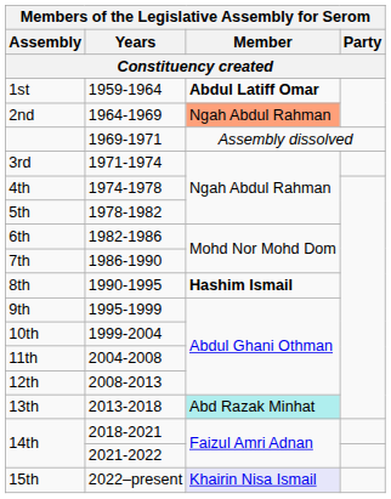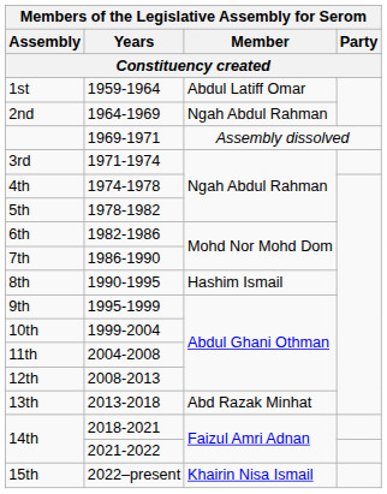 <table class=wikitable>
 <tr>
 <th colspan=4>Members of the Legislative Assembly for Serom</th>
 </tr>
 <tr>
 <th>Assembly</th>
 <th>Years</th>
 <th>Member</th>
 <th>Party</th>
 </tr>
 <tr>
 <th colspan=4 align=center><em>Constituency created</em></th>
 </tr>
 <tr>
 <td>1st</td>
 <td>1959-1964</td>
-<td><strong>Abdul Latiff Omar</strong></td>
+<td>Abdul Latiff Omar</td>
 <td rowspan="2"></td>
 </tr>
 <tr>
 <td>2nd</td>
 <td>1964-1969</td>
-<td style="background: lightsalmon;">Ngah Abdul Rahman</td>
+<td>Ngah Abdul Rahman</td>
 </tr>
 <tr>
 <td></td>
 <td>1969-1971</td>
 <td colspan=2 align=center><em>Assembly dissolved</em></td>
 </tr>
 <tr>
 <td>3rd</td>
 <td>1971-1974</td>
 <td rowspan="3">Ngah Abdul Rahman</td>
 <td></td>
 </tr>
 <tr>
 <td>4th</td>
 <td>1974-1978</td>
 <td rowspan="10"></td>
 </tr>
 <tr>
 <td>5th</td>
 <td>1978-1982</td>
 </tr>
 <tr>
 <td>6th</td>
 <td>1982-1986</td>
 <td rowspan="2">Mohd Nor Mohd Dom</td>
 </tr>
 <tr>
 <td>7th</td>
 <td>1986-1990</td>
 </tr>
 <tr>
 <td>8th</td>
 <td>1990-1995</td>
-<td><strong>Hashim Ismail</strong></td>
+<td>Hashim Ismail</td>
 </tr>
 <tr>
 <td>9th</td>
 <td>1995-1999</td>
 <td rowspan="4"><a href='#'>Abdul Ghani Othman</a></td>
 </tr>
 <tr>
 <td>10th</td>
 <td>1999-2004</td>
 </tr>
 <tr>
 <td>11th</td>
 <td>2004-2008</td>
 </tr>
 <tr>
 <td>12th</td>
 <td>2008-2013</td>
 </tr>
 <tr>
 <td>13th</td>
 <td>2013-2018</td>
-<td style="background: paleturquoise;">Abd Razak Minhat</td>
+<td>Abd Razak Minhat</td>
 </tr>
 <tr>
 <td rowspan="2">14th</td>
 <td>2018-2021</td>
 <td rowspan="2"><a href='#'>Faizul Amri Adnan</a></td>
 <td></td>
 </tr>
 <tr>
 <td>2021-2022</td>
 <td></td>
 </tr>
 <tr>
 <td>15th</td>
 <td>2022–present</td>
-<td style="background: lavender;"><a href='#'>Khairin Nisa Ismail</a></td>
+<td><a href='#'>Khairin Nisa Ismail</a></td>
 <td></td>
 </tr>
 </table>
